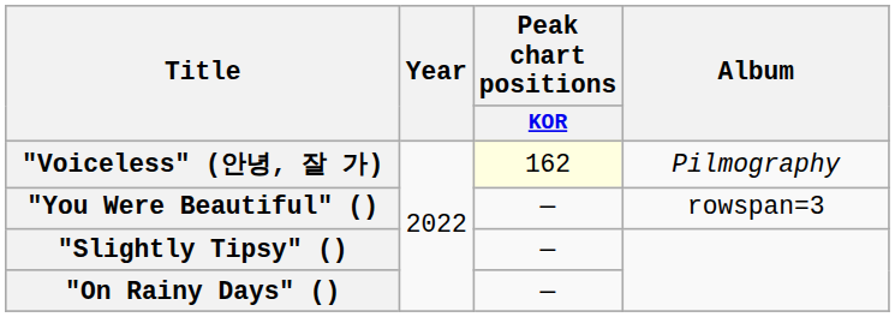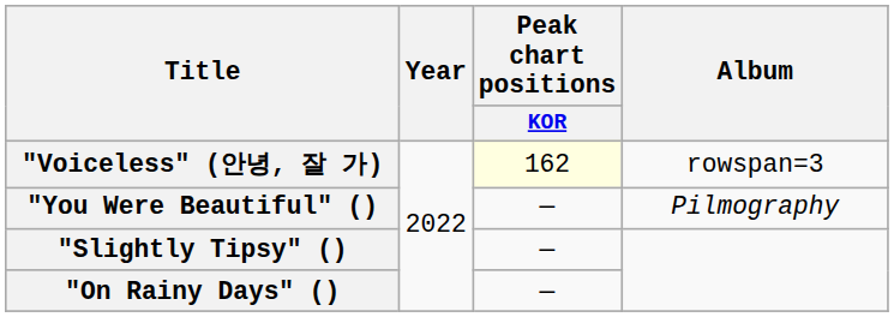 <table class="wikitable plainrowheaders" style="text-align:center;" border="1">
 <tr>
 <th scope="col" rowspan="2" style="width:15em;">Title</th>
 <th scope="col" rowspan="2">Year</th>
 <th scope="col" colspan="1" style="width:5em;">Peak chart positions</th>
 <th scope="col" rowspan="2" style="width:10em;">Album</th>
 </tr>
 <tr>
 <th scope="col" style="width:3em;font-size:85%;"><a href='#'>KOR</a><br></th>
 </tr>
 <tr>
 <th scope="row">"Voiceless" (안녕, 잘 가)</th>
 <td rowspan=4>2022</td>
 <td style="background: lightyellow;">162</td>
-<td><em>Pilmography</em></td>
+<td>rowspan=3 </td>
 </tr>
 <tr>
 <th scope="row">"You Were Beautiful" ()</th>
 <td>—</td>
-<td>rowspan=3 </td>
+<td><em>Pilmography</em></td>
 </tr>
 <tr>
 <th scope="row">"Slightly Tipsy" ()</th>
 <td>—</td>
 </tr>
 <tr>
 <th scope="row">"On Rainy Days" ()</th>
 <td>—</td>
 </tr>
 </table>
